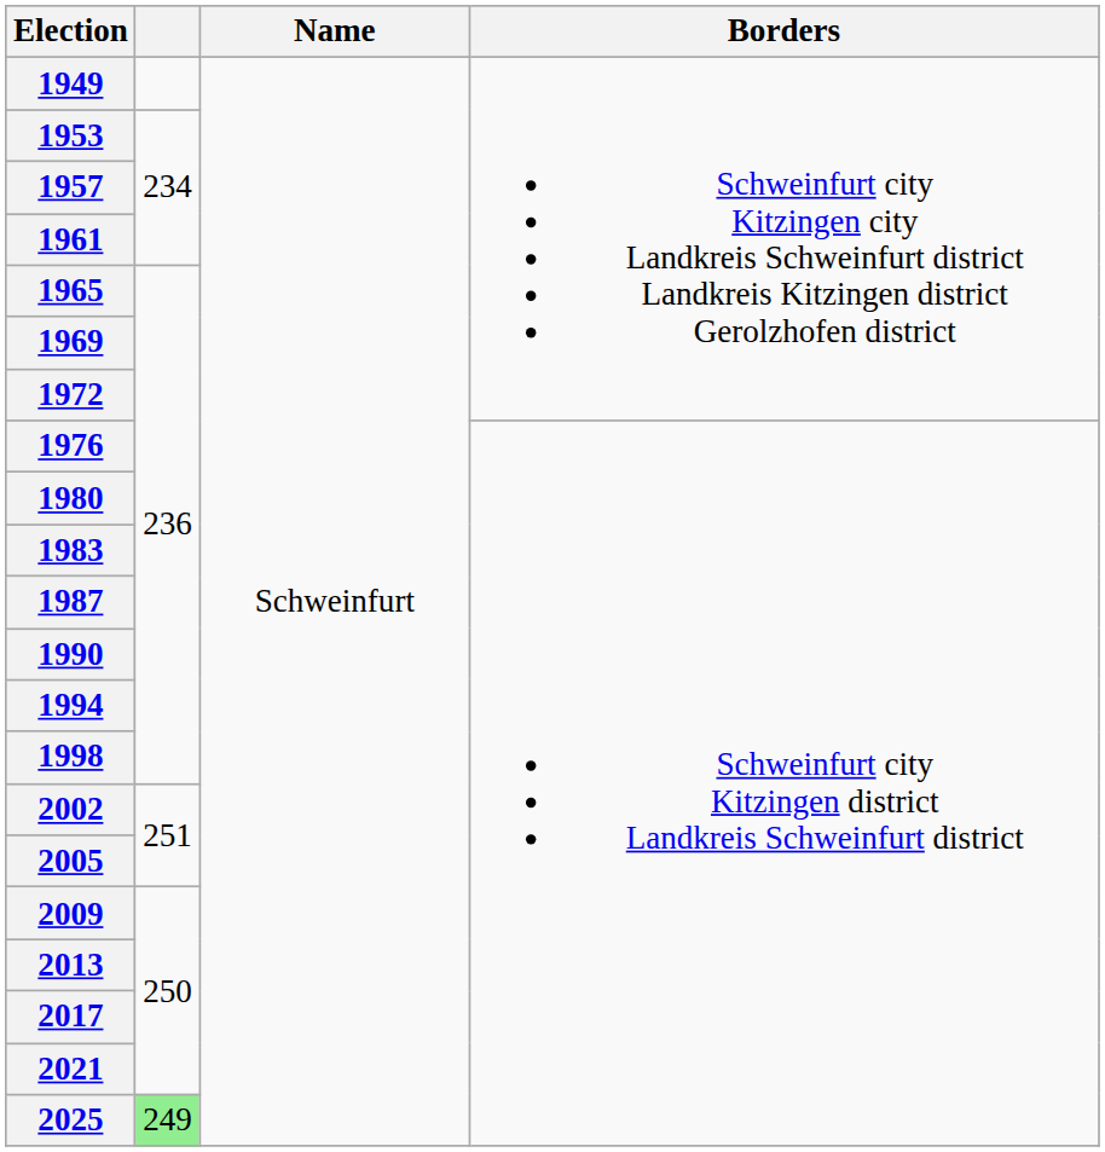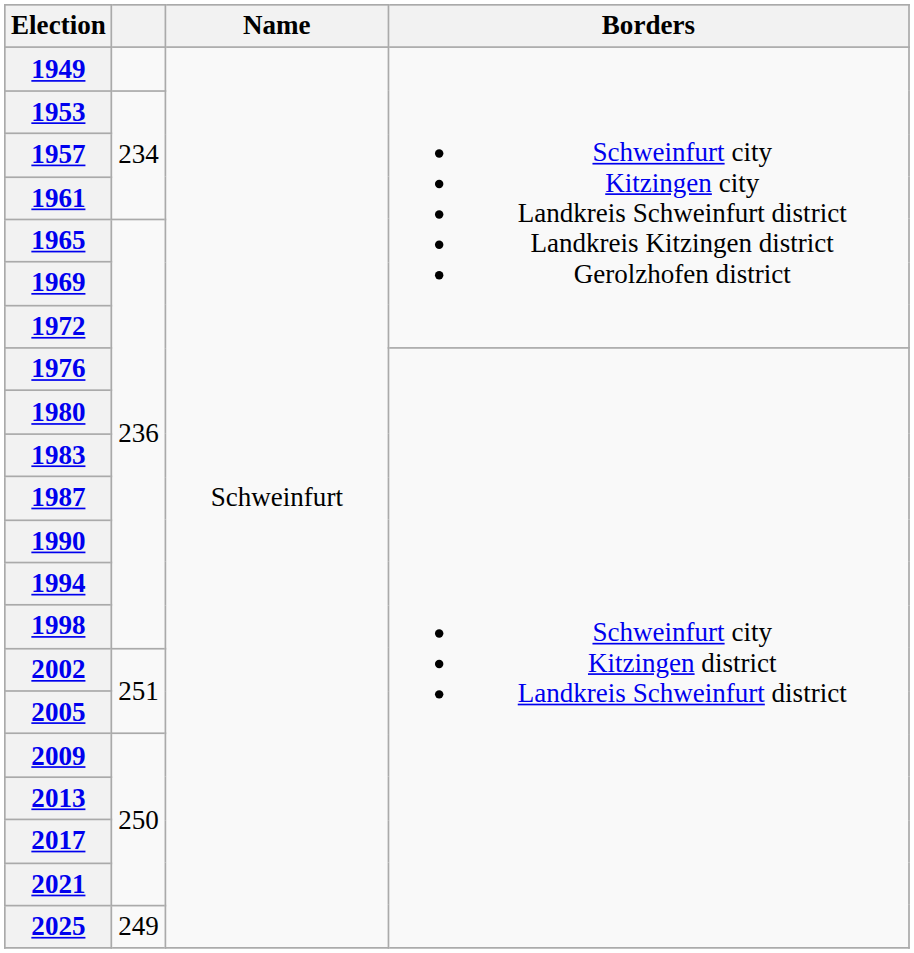 <table class=wikitable style="text-align:center">
 <tr>
 <th>Election</th>
 <th></th>
 <th width=125px>Name</th>
 <th width=300px>Borders</th>
 </tr>
 <tr>
 <th><a href='#'>1949</a></th>
 <td></td>
 <td rowspan=21>Schweinfurt</td>
 <td rowspan=7><br><ul><li><a href='#'>Schweinfurt</a> city</li><li><a href='#'>Kitzingen</a> city</li><li>Landkreis Schweinfurt district</li><li>Landkreis Kitzingen district</li><li>Gerolzhofen district</li></ul></td>
 </tr>
 <tr>
 <th><a href='#'>1953</a></th>
 <td rowspan=3>234</td>
 </tr>
 <tr>
 <th><a href='#'>1957</a></th>
 </tr>
 <tr>
 <th><a href='#'>1961</a></th>
 </tr>
 <tr>
 <th><a href='#'>1965</a></th>
 <td rowspan=10>236</td>
 </tr>
 <tr>
 <th><a href='#'>1969</a></th>
 </tr>
 <tr>
 <th><a href='#'>1972</a></th>
 </tr>
 <tr>
 <th><a href='#'>1976</a></th>
 <td rowspan=14><br><ul><li><a href='#'>Schweinfurt</a> city</li><li><a href='#'>Kitzingen</a> district</li><li><a href='#'>Landkreis Schweinfurt</a> district</li></ul></td>
 </tr>
 <tr>
 <th><a href='#'>1980</a></th>
 </tr>
 <tr>
 <th><a href='#'>1983</a></th>
 </tr>
 <tr>
 <th><a href='#'>1987</a></th>
 </tr>
 <tr>
 <th><a href='#'>1990</a></th>
 </tr>
 <tr>
 <th><a href='#'>1994</a></th>
 </tr>
 <tr>
 <th><a href='#'>1998</a></th>
 </tr>
 <tr>
 <th><a href='#'>2002</a></th>
 <td rowspan=2>251</td>
 </tr>
 <tr>
 <th><a href='#'>2005</a></th>
 </tr>
 <tr>
 <th><a href='#'>2009</a></th>
 <td rowspan=4>250</td>
 </tr>
 <tr>
 <th><a href='#'>2013</a></th>
 </tr>
 <tr>
 <th><a href='#'>2017</a></th>
 </tr>
 <tr>
 <th><a href='#'>2021</a></th>
 </tr>
 <tr>
 <th><a href='#'>2025</a></th>
-<td style="background: lightgreen;">249</td>
+<td>249</td>
 </tr>
 </table>
